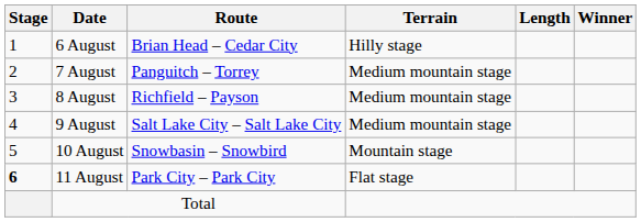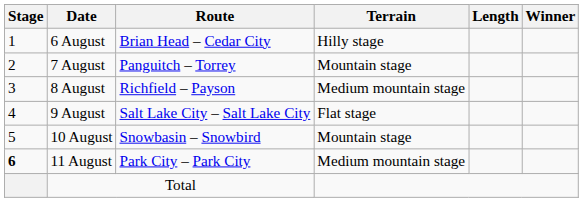 <table class="wikitable">
 <tr>
 <th>Stage</th>
 <th>Date</th>
 <th>Route</th>
 <th>Terrain</th>
 <th>Length</th>
 <th>Winner</th>
 </tr>
 <tr>
 <td style="align:center;">1</td>
 <td>6 August</td>
 <td><a href='#'>Brian Head</a> –  <a href='#'>Cedar City</a></td>
 <td> Hilly stage</td>
 <td></td>
 <td></td>
 </tr>
 <tr>
 <td style="align:center;">2</td>
 <td>7 August</td>
 <td><a href='#'>Panguitch</a> –  <a href='#'>Torrey</a></td>
-<td> Medium mountain stage</td>
+<td> Mountain stage</td>
 <td></td>
 <td></td>
 </tr>
 <tr>
 <td style="align:center;">3</td>
 <td>8 August</td>
 <td><a href='#'>Richfield</a> – <a href='#'>Payson</a></td>
 <td> Medium mountain stage</td>
 <td></td>
 <td></td>
 </tr>
 <tr>
 <td style="align:center;">4</td>
 <td>9 August</td>
 <td><a href='#'>Salt Lake City</a> – <a href='#'>Salt Lake City</a></td>
-<td> Medium mountain stage</td>
+<td> Flat stage</td>
 <td></td>
 <td></td>
 </tr>
 <tr>
 <td style="align:center;">5</td>
 <td>10 August</td>
 <td><a href='#'>Snowbasin</a> – <a href='#'>Snowbird</a></td>
 <td> Mountain stage</td>
 <td></td>
 <td></td>
 </tr>
 <tr>
 <td style="align:center;"><strong>6</strong></td>
 <td>11 August</td>
 <td><a href='#'>Park City</a> – <a href='#'>Park City</a></td>
-<td> Flat stage</td>
+<td> Medium mountain stage</td>
 <td></td>
 <td></td>
 </tr>
 <tr>
 <th></th>
 <td colspan="2" style="text-align:center;">Total</td>
 <td colspan="5" style="text-align:center;"></td>
 </tr>
 </table>
